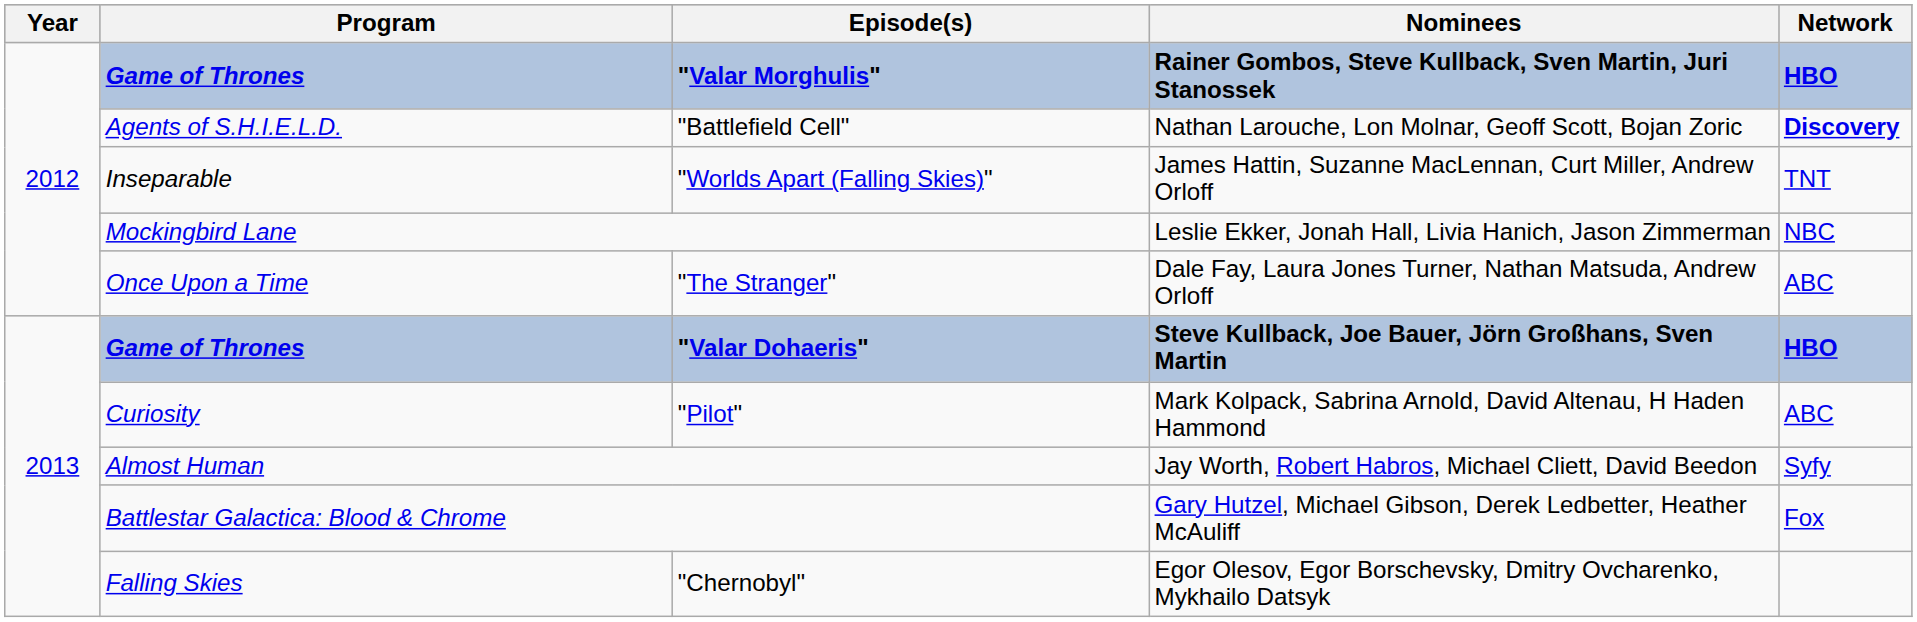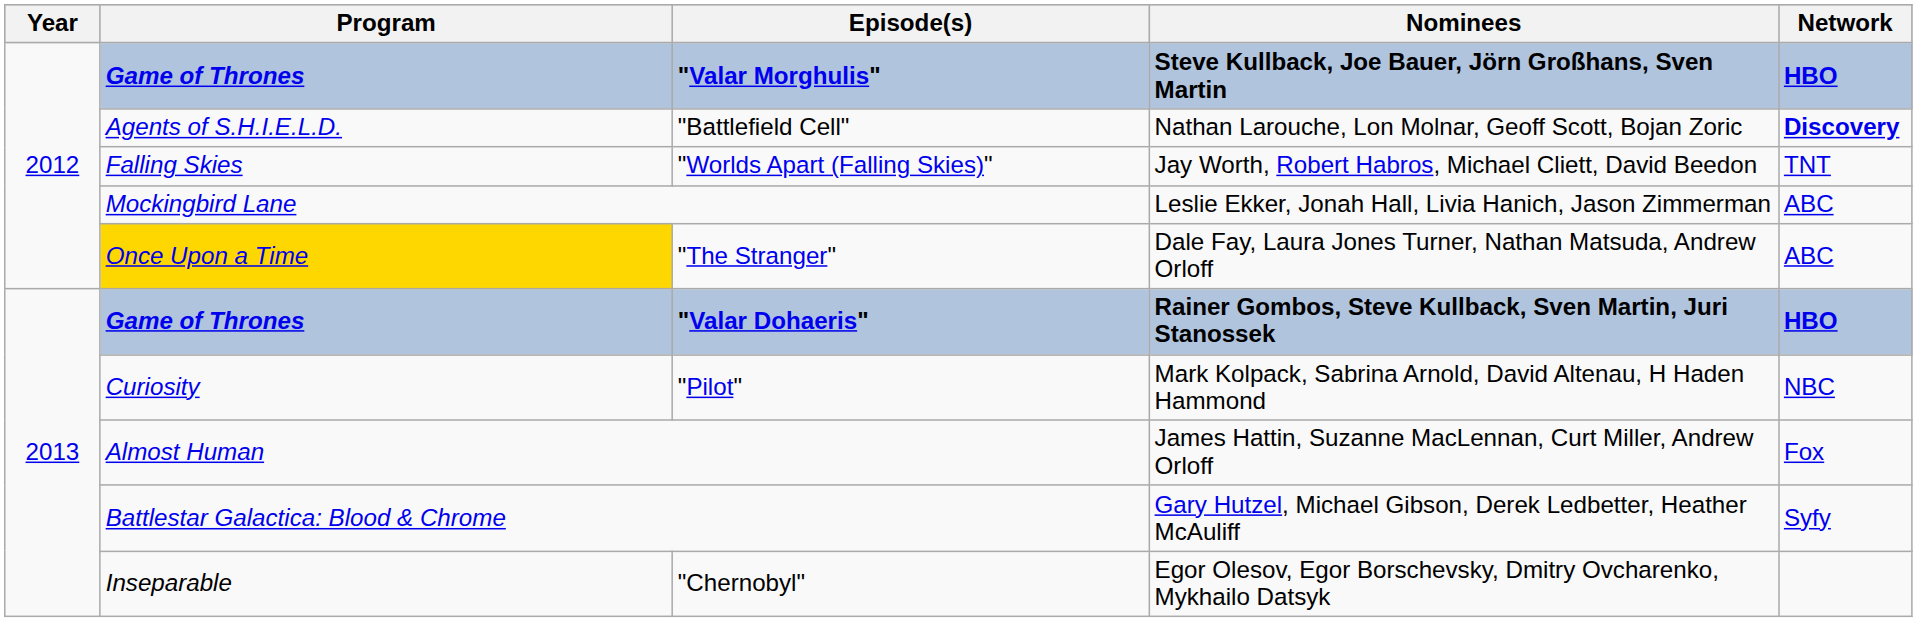 <table class="wikitable" style="width:100%">
 <tr bgcolor="#bebebe">
 <th width="5%">Year</th>
 <th width="30%">Program</th>
 <th width="25%">Episode(s)</th>
 <th width="33%">Nominees</th>
 <th width="8%">Network</th>
 </tr>
 <tr>
 <td rowspan="5" style="text-align:center;"><a href='#'>2012</a><br></td>
 <td style="background:#B0C4DE;"><strong><em><a href='#'>Game of Thrones</a></em></strong></td>
 <td style="background:#B0C4DE;"><strong>"<a href='#'>Valar Morghulis</a>"</strong></td>
-<td style="background:#B0C4DE;"><strong>Rainer Gombos, Steve Kullback, Sven Martin, Juri Stanossek</strong></td>
+<td style="background:#B0C4DE;"><strong>Steve Kullback, Joe Bauer, Jörn Großhans, Sven Martin</strong></td>
 <td style="background:#B0C4DE;"><strong><a href='#'>HBO</a></strong></td>
 </tr>
 <tr>
 <td><em><a href='#'>Agents of S.H.I.E.L.D.</a></em></td>
 <td>"Battlefield Cell"</td>
 <td>Nathan Larouche, Lon Molnar, Geoff Scott, Bojan Zoric</td>
 <td><strong><a href='#'>Discovery</a></strong></td>
 </tr>
 <tr>
-<td><em>Inseparable</em></td>
+<td><em><a href='#'>Falling Skies</a></em></td>
 <td>"<a href='#'>Worlds Apart (Falling Skies)</a>"</td>
-<td>James Hattin, Suzanne MacLennan, Curt Miller, Andrew Orloff</td>
+<td>Jay Worth, <a href='#'>Robert Habros</a>, Michael Cliett, David Beedon</td>
 <td><a href='#'>TNT</a></td>
 </tr>
 <tr>
 <td colspan="2'"><em><a href='#'>Mockingbird Lane</a></em></td>
 <td>Leslie Ekker, Jonah Hall, Livia Hanich, Jason Zimmerman</td>
-<td><a href='#'>NBC</a></td>
+<td><a href='#'>ABC</a></td>
 </tr>
 <tr>
-<td><em><a href='#'>Once Upon a Time</a></em></td>
+<td style="background: gold;"><em><a href='#'>Once Upon a Time</a></em></td>
 <td>"<a href='#'>The Stranger</a>"</td>
 <td>Dale Fay, Laura Jones Turner, Nathan Matsuda, Andrew Orloff</td>
 <td><a href='#'>ABC</a></td>
 </tr>
 <tr>
 <td rowspan="5" style="text-align:center;"><a href='#'>2013</a><br></td>
 <td style="background:#B0C4DE;"><strong><em><a href='#'>Game of Thrones</a></em></strong></td>
 <td style="background:#B0C4DE;"><strong>"<a href='#'>Valar Dohaeris</a>"</strong></td>
-<td style="background:#B0C4DE;"><strong>Steve Kullback, Joe Bauer, Jörn Großhans, Sven Martin</strong></td>
+<td style="background:#B0C4DE;"><strong>Rainer Gombos, Steve Kullback, Sven Martin, Juri Stanossek</strong></td>
 <td style="background:#B0C4DE;"><strong><a href='#'>HBO</a></strong></td>
 </tr>
 <tr>
 <td><em><a href='#'>Curiosity</a></em></td>
 <td>"<a href='#'>Pilot</a>"</td>
 <td>Mark Kolpack, Sabrina Arnold, David Altenau, H Haden Hammond</td>
-<td><a href='#'>ABC</a></td>
+<td><a href='#'>NBC</a></td>
 </tr>
 <tr>
 <td colspan="2'"><em><a href='#'>Almost Human</a></em></td>
-<td>Jay Worth, <a href='#'>Robert Habros</a>, Michael Cliett, David Beedon</td>
-<td><a href='#'>Syfy</a></td>
+<td>James Hattin, Suzanne MacLennan, Curt Miller, Andrew Orloff</td>
+<td><a href='#'>Fox</a></td>
 </tr>
 <tr>
 <td colspan="2'"><em><a href='#'>Battlestar Galactica: Blood & Chrome</a></em></td>
 <td><a href='#'>Gary Hutzel</a>, Michael Gibson, Derek Ledbetter, Heather McAuliff</td>
-<td><a href='#'>Fox</a></td>
+<td><a href='#'>Syfy</a></td>
 </tr>
 <tr>
-<td><em><a href='#'>Falling Skies</a></em></td>
+<td><em>Inseparable</em></td>
 <td>"Chernobyl"</td>
 <td>Egor Olesov, Egor Borschevsky, Dmitry Ovcharenko, Mykhailo Datsyk</td>
 <td></td>
 </tr>
 </table>
